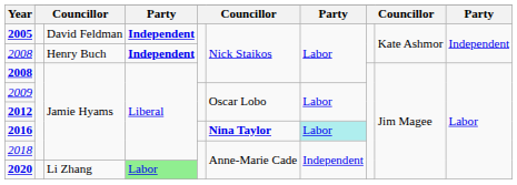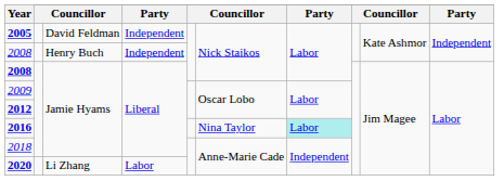 <table class="wikitable">
 <tr>
 <th rowspan="2">Year</th>
 </tr>
 <tr>
 <th colspan="2">Councillor</th>
 <th>Party</th>
 <th colspan="2">Councillor</th>
 <th>Party</th>
 <th colspan="2">Councillor</th>
 <th>Party</th>
 </tr>
 <tr>
 <td><strong><a href='#'>2005</a></strong></td>
 <td rowspan="1" width="1px" > </td>
 <td rowspan="1">David Feldman</td>
-<td rowspan="1"><strong><a href='#'>Independent</a></strong></td>
+<td rowspan="1"><a href='#'>Independent</a></td>
 <td rowspan="3" width="1px" > </td>
 <td rowspan="3"><a href='#'>Nick Staikos</a></td>
 <td rowspan="3"><a href='#'>Labor</a></td>
 <td rowspan="2" width="1px" > </td>
 <td rowspan="2">Kate Ashmor</td>
 <td rowspan="2"><a href='#'>Independent</a></td>
 </tr>
 <tr>
 <td><em><a href='#'>2008</a></em></td>
 <td rowspan="1" width="1px" > </td>
 <td rowspan="1">Henry Buch</td>
-<td rowspan="1"><strong><a href='#'>Independent</a></strong></td>
+<td rowspan="1"><a href='#'>Independent</a></td>
 </tr>
 <tr>
 <td><strong><a href='#'>2008</a></strong></td>
 <td rowspan="5" width="1px" > </td>
 <td rowspan="5">Jamie Hyams</td>
 <td rowspan="5"><a href='#'>Liberal</a></td>
 <td rowspan="6" width="1px" > </td>
 <td rowspan="6">Jim Magee</td>
 <td rowspan="6"><a href='#'>Labor</a></td>
 </tr>
 <tr>
 <td><em><a href='#'>2009</a></em></td>
 <td rowspan="2" width="1px" > </td>
 <td rowspan="2">Oscar Lobo</td>
 <td rowspan="2"><a href='#'>Labor</a></td>
 </tr>
 <tr>
 <td><strong><a href='#'>2012</a></strong></td>
 </tr>
 <tr>
 <td><strong><a href='#'>2016</a></strong></td>
 <td rowspan="1" width="1px" > </td>
-<td rowspan="1"><strong><a href='#'>Nina Taylor</a></strong></td>
+<td rowspan="1"><a href='#'>Nina Taylor</a></td>
 <td rowspan="1" style="background: paleturquoise;"><a href='#'>Labor</a></td>
 </tr>
 <tr>
 <td><em><a href='#'>2018</a></em></td>
 <td rowspan="2" width="1px" > </td>
 <td rowspan="2">Anne-Marie Cade</td>
 <td rowspan="2"><a href='#'>Independent</a></td>
 </tr>
 <tr>
 <td><strong><a href='#'>2020</a></strong></td>
 <td rowspan="1" width="1px" > </td>
 <td rowspan="1">Li Zhang</td>
-<td rowspan="1" style="background: lightgreen;"><a href='#'>Labor</a></td>
+<td rowspan="1"><a href='#'>Labor</a></td>
 </tr>
 </table>
